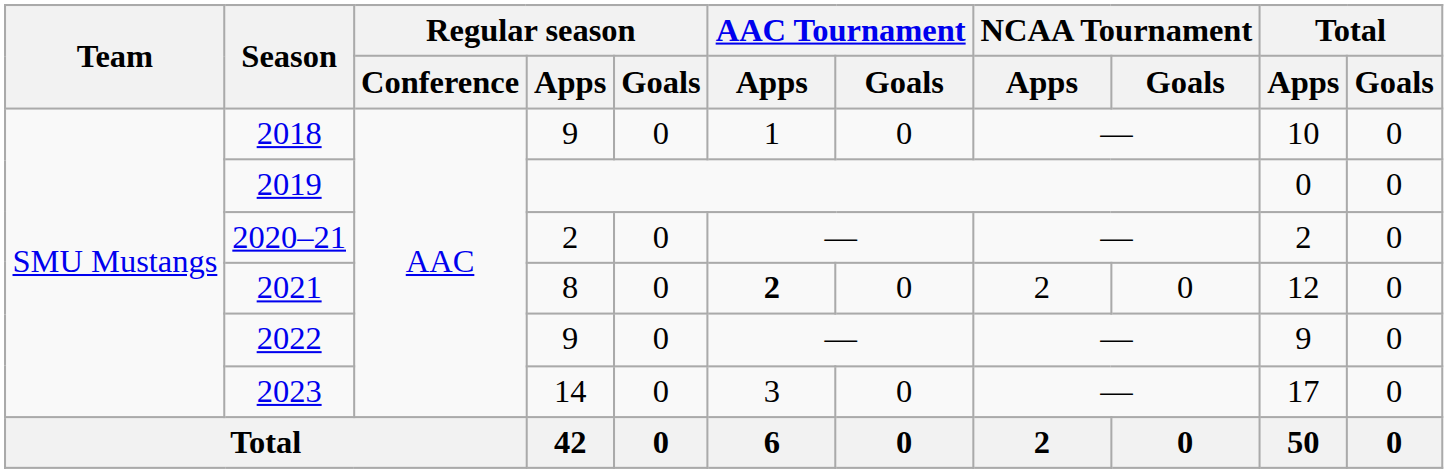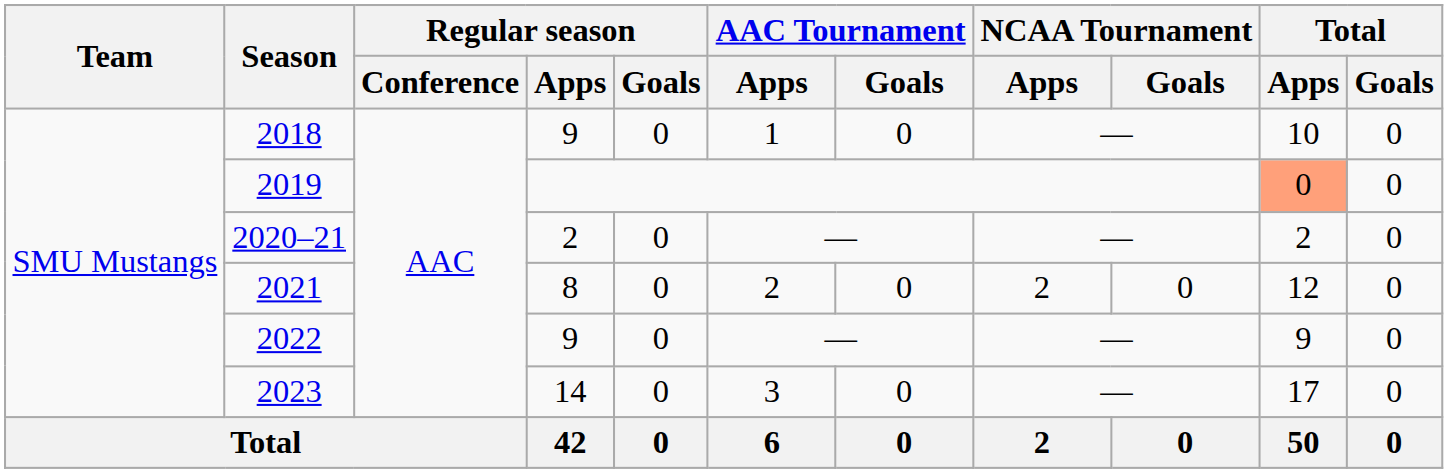 <table class="wikitable" style="text-align: center;">
 <tr>
 <th rowspan="2">Team</th>
 <th rowspan="2">Season</th>
 <th colspan="3">Regular season</th>
 <th colspan="2"><a href='#'>AAC Tournament</a></th>
 <th colspan="2">NCAA Tournament</th>
 <th colspan="2">Total</th>
 </tr>
 <tr>
 <th>Conference</th>
 <th>Apps</th>
 <th>Goals</th>
 <th>Apps</th>
 <th>Goals</th>
 <th>Apps</th>
 <th>Goals</th>
 <th>Apps</th>
 <th>Goals</th>
 </tr>
 <tr>
 <td rowspan="6"><a href='#'>SMU Mustangs</a></td>
 <td><a href='#'>2018</a></td>
 <td rowspan="6"><a href='#'>AAC</a></td>
 <td>9</td>
 <td>0</td>
 <td>1</td>
 <td>0</td>
 <td colspan="2">—</td>
 <td>10</td>
 <td>0</td>
 </tr>
 <tr>
 <td><a href='#'>2019</a></td>
 <td colspan="6"></td>
-<td>0</td>
+<td style="background: lightsalmon;">0</td>
 <td>0</td>
 </tr>
 <tr>
 <td><a href='#'>2020–21</a></td>
 <td>2</td>
 <td>0</td>
 <td colspan="2">—</td>
 <td colspan="2">—</td>
 <td>2</td>
 <td>0</td>
 </tr>
 <tr>
 <td><a href='#'>2021</a></td>
 <td>8</td>
 <td>0</td>
-<td><strong>2</strong></td>
+<td>2</td>
 <td>0</td>
 <td>2</td>
 <td>0</td>
 <td>12</td>
 <td>0</td>
 </tr>
 <tr>
 <td><a href='#'>2022</a></td>
 <td>9</td>
 <td>0</td>
 <td colspan="2">—</td>
 <td colspan="2">—</td>
 <td>9</td>
 <td>0</td>
 </tr>
 <tr>
 <td><a href='#'>2023</a></td>
 <td>14</td>
 <td>0</td>
 <td>3</td>
 <td>0</td>
 <td colspan="2">—</td>
 <td>17</td>
 <td>0</td>
 </tr>
 <tr>
 <th colspan="3">Total</th>
 <th>42</th>
 <th>0</th>
 <th>6</th>
 <th>0</th>
 <th>2</th>
 <th>0</th>
 <th>50</th>
 <th>0</th>
 </tr>
 </table>
